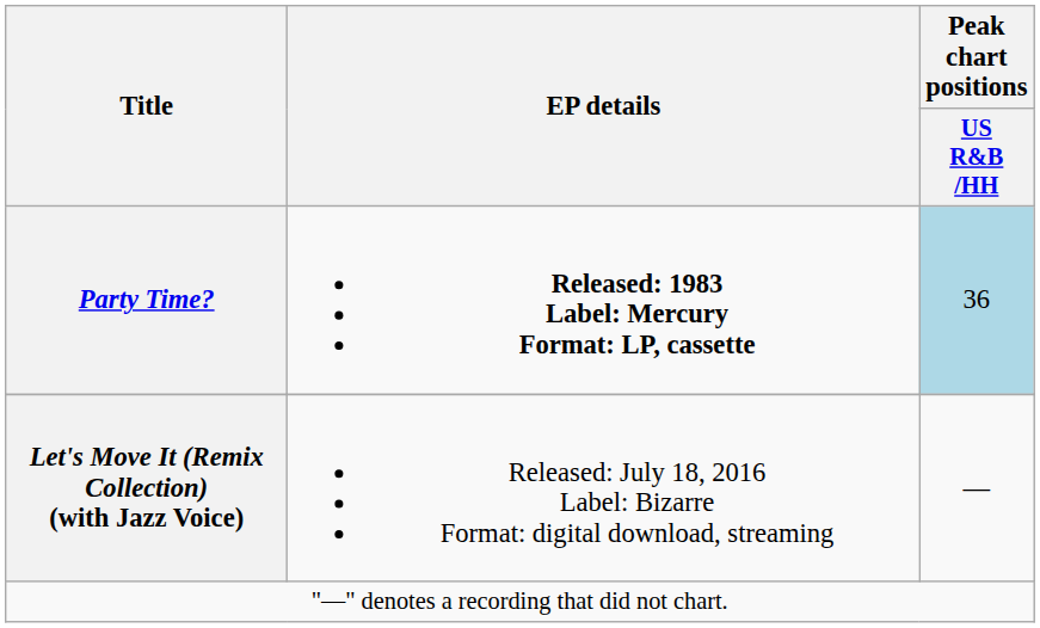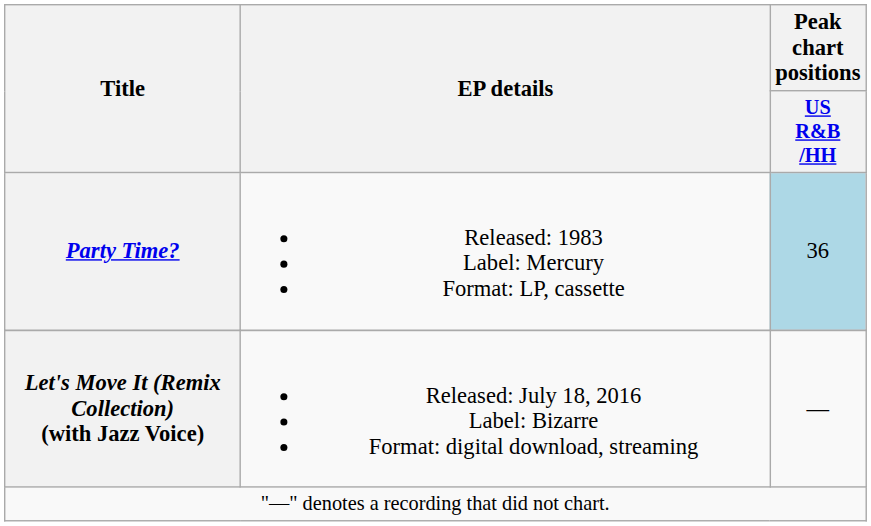 <table class="wikitable plainrowheaders" style="text-align:center;" border="1">
 <tr>
 <th scope="col" rowspan="2" style="width:10em;">Title</th>
 <th scope="col" rowspan="2" style="width:23em;">EP details</th>
 <th scope="col" colspan="1">Peak chart positions</th>
 </tr>
 <tr>
 <th style="width:3em;font-size:90%;"><a href='#'>US<br>R&B<br>/HH</a><br></th>
 </tr>
 <tr>
 <th scope="row"><em><a href='#'>Party Time?</a></em></th>
-<td><strong><br><ul><li>Released: 1983</li><li>Label: Mercury</li><li>Format: LP, cassette</li></ul></strong></td>
+<td><br><ul><li>Released: 1983</li><li>Label: Mercury</li><li>Format: LP, cassette</li></ul></td>
 <td style="background: lightblue;">36</td>
 </tr>
 <tr>
 </tr>
 <tr>
 <th scope="row"><em>Let's Move It (Remix Collection)</em><br><span>(with Jazz Voice)</span></th>
 <td><br><ul><li>Released: July 18, 2016</li><li>Label: Bizarre</li><li>Format: digital download, streaming</li></ul></td>
 <td>—</td>
 </tr>
 <tr>
 <td colspan="5" style="font-size:90%">"—" denotes a recording that did not chart.</td>
 </tr>
 </table>
